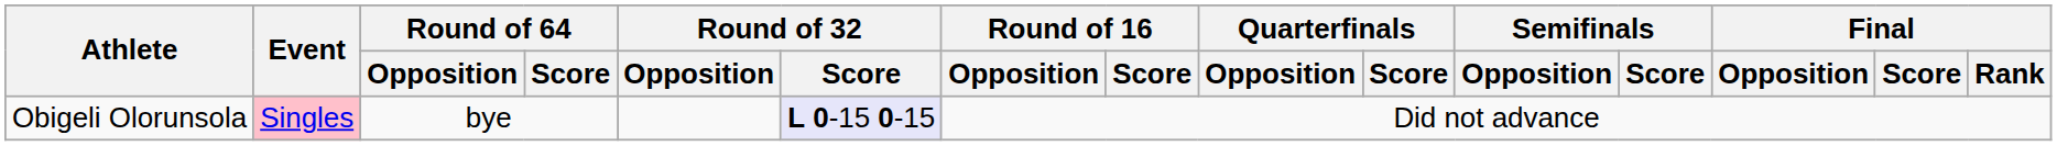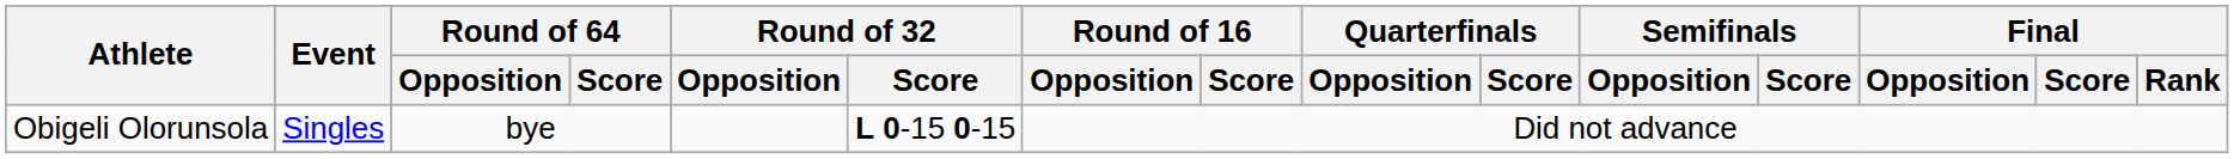 <table class=wikitable style="font-size:90%">
 <tr>
 <th rowspan="2">Athlete</th>
 <th rowspan="2">Event</th>
 <th colspan="2">Round of 64</th>
 <th colspan="2">Round of 32</th>
 <th colspan="2">Round of 16</th>
 <th colspan="2">Quarterfinals</th>
 <th colspan="2">Semifinals</th>
 <th colspan="3">Final</th>
 </tr>
 <tr>
 <th>Opposition</th>
 <th>Score</th>
 <th>Opposition</th>
 <th>Score</th>
 <th>Opposition</th>
 <th>Score</th>
 <th>Opposition</th>
 <th>Score</th>
 <th>Opposition</th>
 <th>Score</th>
 <th>Opposition</th>
 <th>Score</th>
 <th>Rank</th>
 </tr>
 <tr>
 <td>Obigeli Olorunsola</td>
-<td style="background: pink;"><a href='#'>Singles</a></td>
+<td><a href='#'>Singles</a></td>
 <td align=center colspan=2>bye</td>
 <td align=center></td>
-<td align=center style="background: lavender;"><strong>L</strong> <strong>0</strong>-15 <strong>0</strong>-15</td>
+<td align=center><strong>L</strong> <strong>0</strong>-15 <strong>0</strong>-15</td>
 <td align=center colspan=9>Did not advance</td>
 </tr>
 </table>
